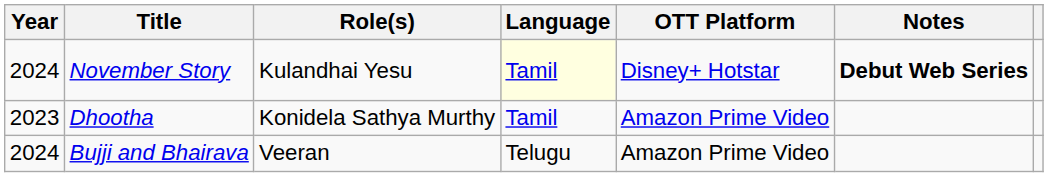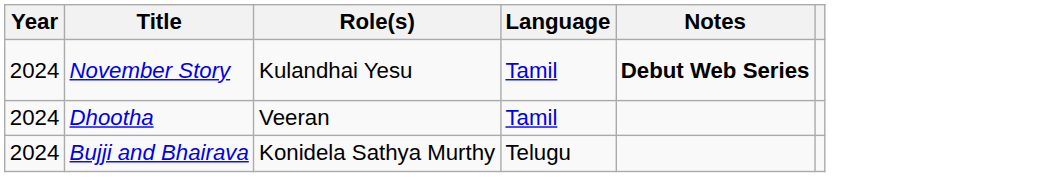 <table class="wikitable ">
 <tr>
 <th scope="col">Year</th>
 <th scope="col">Title</th>
 <th scope="col">Role(s)</th>
 <th scope="col">Language</th>
-<th scope="col">OTT Platform</th>
 <th scope="col">Notes</th>
 <th scope="col" ></th>
 </tr>
 <tr>
 <td>2024</td>
 <td><em><a href='#'>November Story</a></em></td>
 <td>Kulandhai Yesu</td>
-<td style="background: lightyellow;"><a href='#'>Tamil</a></td>
-<td><a href='#'>Disney+ Hotstar</a></td>
+<td><a href='#'>Tamil</a></td>
 <td><strong>Debut Web Series</strong></td>
 <td style="text-align:center;"><br><br></td>
 </tr>
 <tr>
-<td>2023</td>
+<td>2024</td>
 <td><em><a href='#'>Dhootha</a></em></td>
-<td>Konidela Sathya Murthy</td>
+<td>Veeran</td>
 <td><a href='#'>Tamil</a></td>
-<td><a href='#'>Amazon Prime Video</a></td>
 <td></td>
 <td></td>
 </tr>
 <tr>
 <td>2024</td>
 <td><em><a href='#'>Bujji and Bhairava</a></em></td>
-<td>Veeran</td>
+<td>Konidela Sathya Murthy</td>
 <td>Telugu</td>
-<td>Amazon Prime Video</td>
 <td></td>
 <td></td>
 </tr>
 </table>
